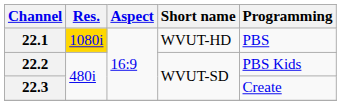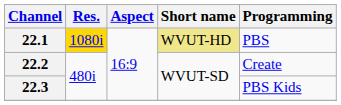 <table class="wikitable">
 <tr>
 <th scope="col"><a href='#'>Channel</a></th>
 <th scope="col"><a href='#'>Res.</a></th>
 <th scope="col"><a href='#'>Aspect</a></th>
 <th scope="col">Short name</th>
 <th scope="col">Programming</th>
 </tr>
 <tr>
 <th scope="row">22.1</th>
 <td style="background: gold;"><a href='#'>1080i</a></td>
 <td rowspan="3"><a href='#'>16:9</a></td>
-<td>WVUT-HD</td>
+<td style="background: khaki;">WVUT-HD</td>
 <td><a href='#'>PBS</a></td>
 </tr>
 <tr>
 <th scope="row">22.2</th>
 <td rowspan="2"><a href='#'>480i</a></td>
 <td rowspan="2">WVUT-SD</td>
-<td><a href='#'>PBS Kids</a></td>
+<td><a href='#'>Create</a></td>
 </tr>
 <tr>
 <th scope="row">22.3</th>
-<td><a href='#'>Create</a></td>
+<td><a href='#'>PBS Kids</a></td>
 </tr>
 <tr>
 </tr>
 </table>
